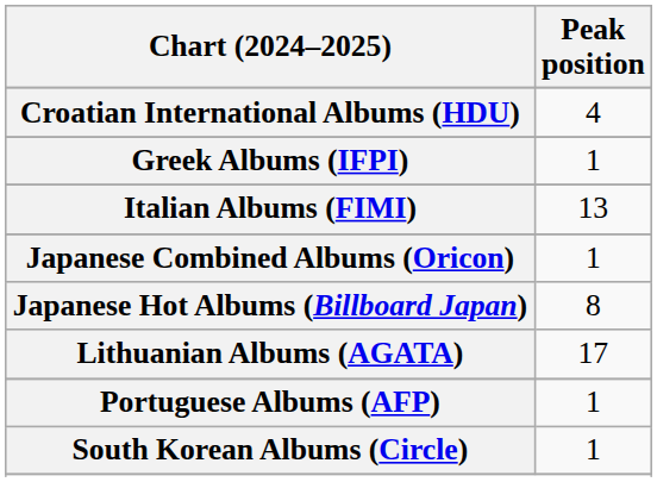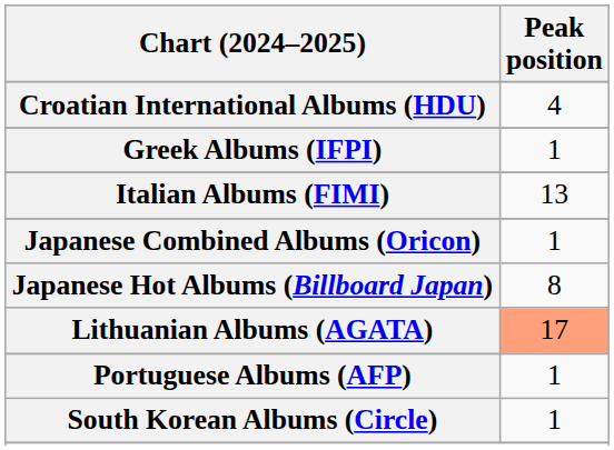 <table class="wikitable sortable plainrowheaders" style="text-align:center">
 <tr>
 <th scope="col">Chart (2024–2025)</th>
 <th scope="col">Peak<br>position</th>
 </tr>
 <tr>
 </tr>
 <tr>
 </tr>
 <tr>
 </tr>
 <tr>
 </tr>
 <tr>
 </tr>
 <tr>
 <th scope="row">Croatian International Albums (<a href='#'>HDU</a>)</th>
 <td>4</td>
 </tr>
 <tr>
 </tr>
 <tr>
 </tr>
 <tr>
 </tr>
 <tr>
 </tr>
 <tr>
 </tr>
 <tr>
 <th scope="row">Greek Albums (<a href='#'>IFPI</a>)</th>
 <td>1</td>
 </tr>
 <tr>
 </tr>
 <tr>
 <th scope="row">Italian Albums (<a href='#'>FIMI</a>)</th>
 <td>13</td>
 </tr>
 <tr>
 </tr>
 <tr>
 <th scope="row">Japanese Combined Albums (<a href='#'>Oricon</a>)</th>
 <td>1</td>
 </tr>
 <tr>
 <th scope="row">Japanese Hot Albums (<em><a href='#'>Billboard Japan</a></em>)</th>
 <td>8</td>
 </tr>
 <tr>
 <th scope="row">Lithuanian Albums (<a href='#'>AGATA</a>)</th>
-<td>17</td>
+<td style="background: lightsalmon;">17</td>
 </tr>
 <tr>
 </tr>
 <tr>
 </tr>
 <tr>
 <th scope="row">Portuguese Albums (<a href='#'>AFP</a>)</th>
 <td>1</td>
 </tr>
 <tr>
 <th scope="row">South Korean Albums (<a href='#'>Circle</a>)</th>
 <td>1</td>
 </tr>
 <tr>
 </tr>
 <tr>
 </tr>
 <tr>
 </tr>
 <tr>
 </tr>
 <tr>
 </tr>
 <tr>
 </tr>
 </table>
